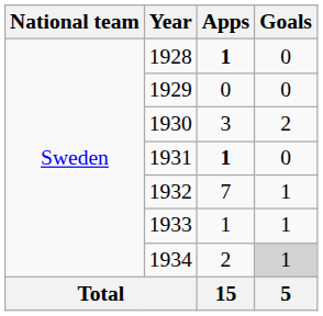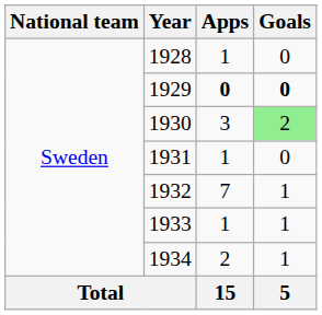 <table class="wikitable" style="text-align: center">
 <tr>
 <th>National team</th>
 <th>Year</th>
 <th>Apps</th>
 <th>Goals</th>
 </tr>
 <tr>
 <td rowspan="7"><a href='#'>Sweden</a></td>
 <td>1928</td>
-<td><strong>1</strong></td>
+<td>1</td>
 <td>0</td>
 </tr>
 <tr>
 <td>1929</td>
-<td>0</td>
-<td>0</td>
+<td><strong>0</strong></td>
+<td><strong>0</strong></td>
 </tr>
 <tr>
 <td>1930</td>
 <td>3</td>
-<td>2</td>
+<td style="background: lightgreen;">2</td>
 </tr>
 <tr>
 <td>1931</td>
-<td><strong>1</strong></td>
+<td>1</td>
 <td>0</td>
 </tr>
 <tr>
 <td>1932</td>
 <td>7</td>
 <td>1</td>
 </tr>
 <tr>
 <td>1933</td>
 <td>1</td>
 <td>1</td>
 </tr>
 <tr>
 <td>1934</td>
 <td>2</td>
-<td style="background: lightgrey;">1</td>
+<td>1</td>
 </tr>
 <tr>
 <th colspan="2">Total</th>
 <th>15</th>
 <th>5</th>
 </tr>
 </table>
